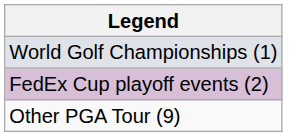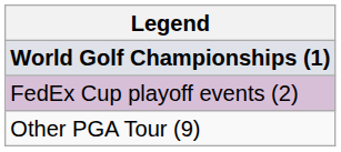 <table class="wikitable" style="font-size:95%;">
 <tr>
 <th>Legend</th>
 </tr>
 <tr style="background:#dfe2e9;">
-<td>World Golf Championships (1)</td>
+<td><strong>World Golf Championships (1)</strong></td>
 </tr>
 <tr style="background:#D8BFD8;">
 <td>FedEx Cup playoff events (2)</td>
 </tr>
 <tr>
 <td>Other PGA Tour (9)</td>
 </tr>
 </table>
